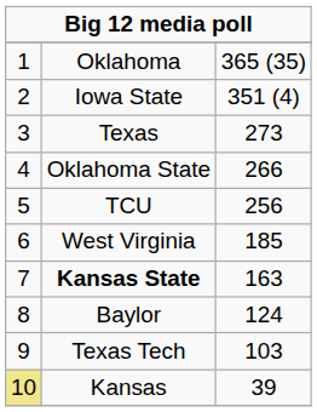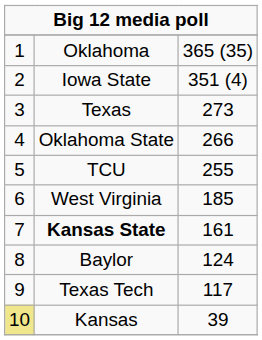 <table class="wikitable" style="display: inline-table;">
 <tr>
 <td align="center" Colspan="3"><strong>Big 12 media poll</strong></td>
 </tr>
 <tr align="center">
 </tr>
 <tr align="center">
 <td>1</td>
 <td>Oklahoma</td>
 <td>365 (35)</td>
 </tr>
 <tr align="center">
 <td>2</td>
 <td>Iowa State</td>
 <td>351 (4)</td>
 </tr>
 <tr align="center">
 <td>3</td>
 <td>Texas</td>
 <td>273</td>
 </tr>
 <tr align="center">
 <td>4</td>
 <td>Oklahoma State</td>
 <td>266</td>
 </tr>
 <tr align="center">
 <td>5</td>
 <td>TCU</td>
-<td>256</td>
+<td>255</td>
 </tr>
 <tr align="center">
 <td>6</td>
 <td>West Virginia</td>
 <td>185</td>
 </tr>
 <tr align="center">
 <td>7</td>
 <td><strong>Kansas State</strong></td>
-<td>163</td>
+<td>161</td>
 </tr>
 <tr align="center">
 <td>8</td>
 <td>Baylor</td>
 <td>124</td>
 </tr>
 <tr align="center">
 <td>9</td>
 <td>Texas Tech</td>
-<td>103</td>
+<td>117</td>
 </tr>
 <tr align="center">
 <td style="background: khaki;">10</td>
 <td>Kansas</td>
 <td>39</td>
 </tr>
 <tr>
 </tr>
 </table>
